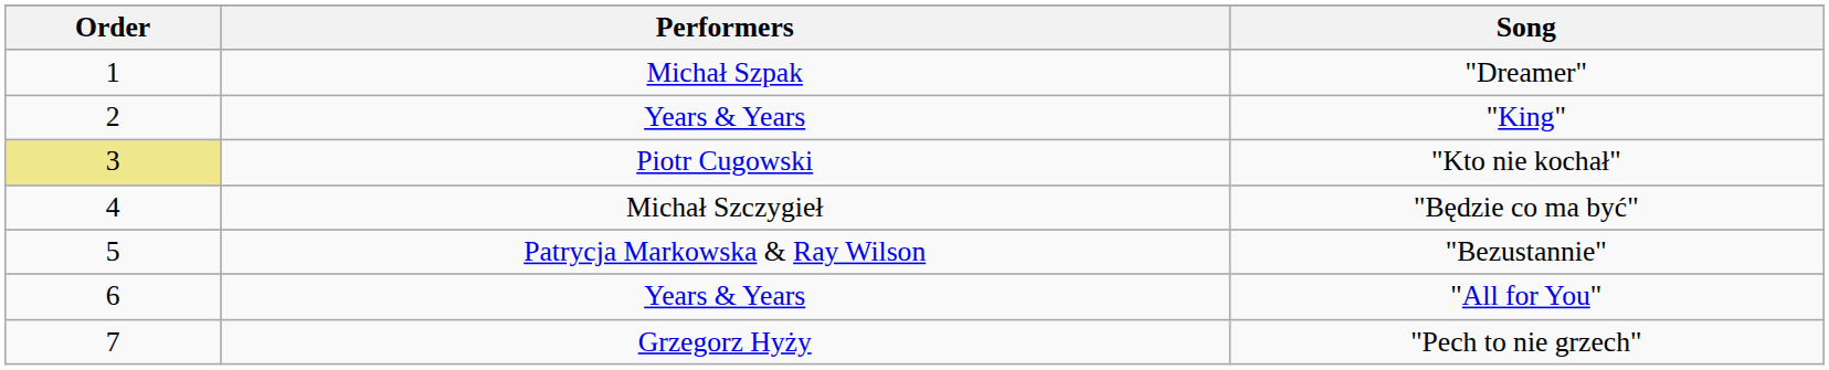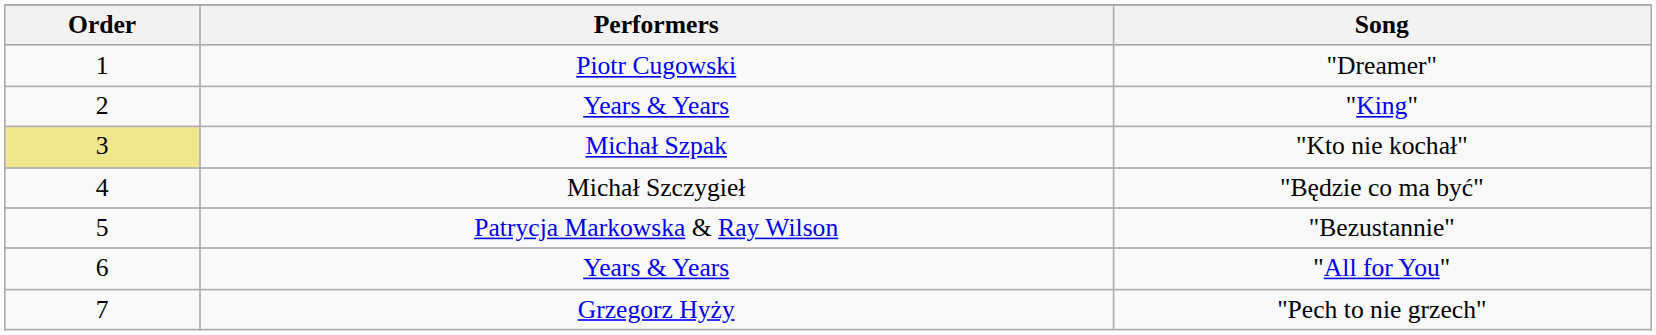 <table class="wikitable" style="text-align:center; width:65%;">
 <tr>
 </tr>
 <tr>
 <th>Order</th>
 <th>Performers</th>
 <th>Song</th>
 </tr>
 <tr>
 <td>1</td>
-<td><a href='#'>Michał Szpak</a></td>
+<td><a href='#'>Piotr Cugowski</a></td>
 <td>"Dreamer"</td>
 </tr>
 <tr>
 <td>2</td>
 <td><a href='#'>Years & Years</a></td>
 <td>"<a href='#'>King</a>"</td>
 </tr>
 <tr>
 <td style="background: khaki;">3</td>
-<td><a href='#'>Piotr Cugowski</a></td>
+<td><a href='#'>Michał Szpak</a></td>
 <td>"Kto nie kochał"</td>
 </tr>
 <tr>
 <td>4</td>
 <td>Michał Szczygieł</td>
 <td>"Będzie co ma być"</td>
 </tr>
 <tr>
 <td>5</td>
 <td><a href='#'>Patrycja Markowska</a> & <a href='#'>Ray Wilson</a></td>
 <td>"Bezustannie"</td>
 </tr>
 <tr>
 <td>6</td>
 <td><a href='#'>Years & Years</a></td>
 <td>"<a href='#'>All for You</a>"</td>
 </tr>
 <tr>
 <td>7</td>
 <td><a href='#'>Grzegorz Hyży</a></td>
 <td>"Pech to nie grzech"</td>
 </tr>
 </table>
